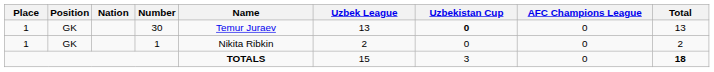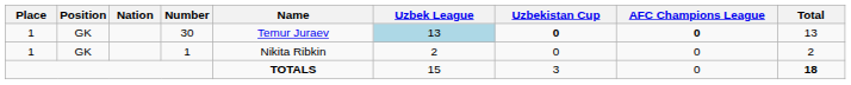 <table class="wikitable" style="font-size: 95%; text-align: center;">
 <tr>
 <th width=60>Place</th>
 <th width=60>Position</th>
 <th width=60>Nation</th>
 <th width=60>Number</th>
 <th width=200>Name</th>
 <th width=150><a href='#'>Uzbek League</a></th>
 <th width=150><a href='#'>Uzbekistan Cup</a></th>
 <th width=200><a href='#'>AFC Champions League</a></th>
 <th width=80><strong>Total</strong></th>
 </tr>
 <tr>
 <td>1</td>
 <td>GK</td>
 <td></td>
 <td>30</td>
 <td><a href='#'>Temur Juraev</a></td>
-<td>13</td>
+<td style="background: lightblue;">13</td>
 <td><strong>0</strong></td>
-<td>0</td>
+<td><strong>0</strong></td>
 <td>13</td>
 </tr>
 <tr>
 <td>1</td>
 <td>GK</td>
 <td></td>
 <td>1</td>
 <td>Nikita Ribkin</td>
 <td>2</td>
 <td>0</td>
 <td>0</td>
 <td>2</td>
 </tr>
 <tr>
 <td colspan="4"></td>
 <td><strong>TOTALS</strong></td>
 <td>15</td>
 <td>3</td>
 <td>0</td>
 <td><strong>18</strong></td>
 </tr>
 </table>
